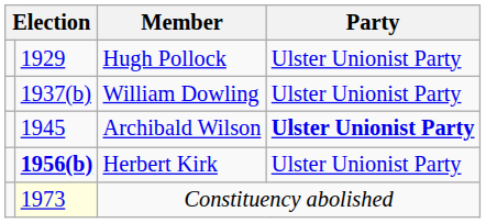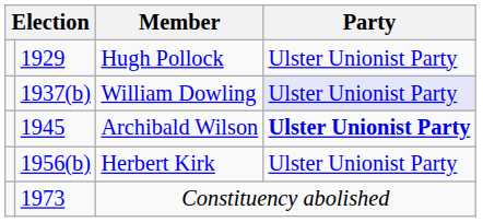 <table class="wikitable">
 <tr>
 <th colspan="2">Election</th>
 <th>Member</th>
 <th>Party</th>
 </tr>
 <tr>
 <td rowspan="1" style="background-color: "></td>
 <td><a href='#'>1929</a></td>
 <td rowspan="1"><a href='#'>Hugh Pollock</a></td>
 <td rowspan="1"><a href='#'>Ulster Unionist Party</a></td>
 </tr>
 <tr>
 <td rowspan="1" style="background-color: "></td>
 <td><a href='#'>1937(b)</a></td>
 <td rowspan="1"><a href='#'>William Dowling</a></td>
-<td rowspan="1"><a href='#'>Ulster Unionist Party</a></td>
+<td rowspan="1" style="background: lavender;"><a href='#'>Ulster Unionist Party</a></td>
 </tr>
 <tr>
 <td rowspan="1" style="background-color: "></td>
 <td><a href='#'>1945</a></td>
 <td rowspan="1"><a href='#'>Archibald Wilson</a></td>
 <td rowspan="1"><strong><a href='#'>Ulster Unionist Party</a></strong></td>
 </tr>
 <tr>
 <td rowspan="1" style="background-color: "></td>
-<td><strong><a href='#'>1956(b)</a></strong></td>
+<td><a href='#'>1956(b)</a></td>
 <td rowspan="1"><a href='#'>Herbert Kirk</a></td>
 <td rowspan="1"><a href='#'>Ulster Unionist Party</a></td>
 </tr>
 <tr>
 <td></td>
-<td style="background: lightyellow;"><a href='#'>1973</a></td>
+<td><a href='#'>1973</a></td>
 <td colspan="3" align=center><em>Constituency abolished</em></td>
 </tr>
 </table>
